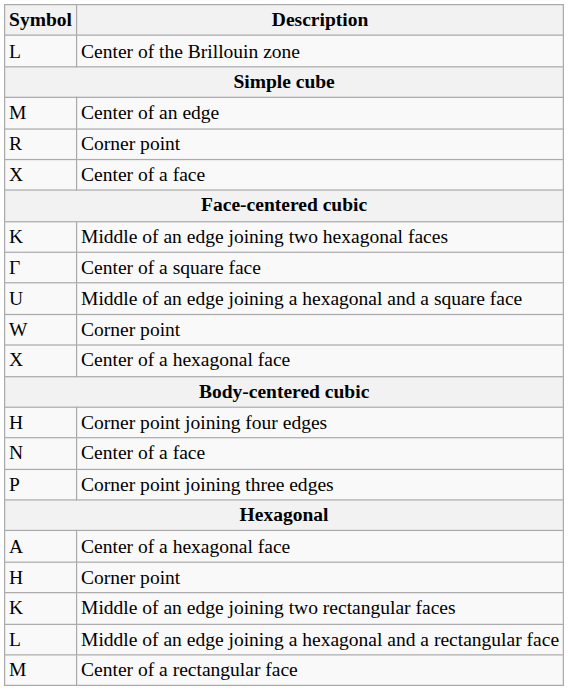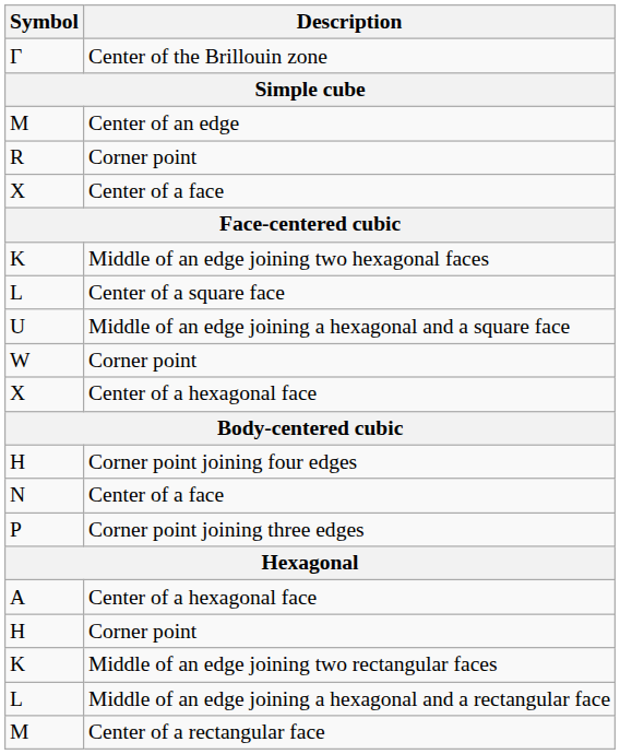 <table class="wikitable">
 <tr>
 <th>Symbol</th>
 <th>Description</th>
 </tr>
 <tr>
-<td>L</td>
+<td>Γ</td>
 <td>Center of the Brillouin zone</td>
 </tr>
 <tr>
 <th colspan="2">Simple cube</th>
 </tr>
 <tr>
 <td>M</td>
 <td>Center of an edge</td>
 </tr>
 <tr>
 <td>R</td>
 <td>Corner point</td>
 </tr>
 <tr>
 <td>X</td>
 <td>Center of a face</td>
 </tr>
 <tr>
 <th colspan="2">Face-centered cubic</th>
 </tr>
 <tr>
 <td>K</td>
 <td>Middle of an edge joining two hexagonal faces</td>
 </tr>
 <tr>
-<td>Γ</td>
+<td>L</td>
 <td>Center of a square face</td>
 </tr>
 <tr>
 <td>U</td>
 <td>Middle of an edge joining a hexagonal and a square face</td>
 </tr>
 <tr>
 <td>W</td>
 <td>Corner point</td>
 </tr>
 <tr>
 <td>X</td>
 <td>Center of a hexagonal face</td>
 </tr>
 <tr>
 <th colspan="2">Body-centered cubic</th>
 </tr>
 <tr>
 <td>H</td>
 <td>Corner point joining four edges</td>
 </tr>
 <tr>
 <td>N</td>
 <td>Center of a face</td>
 </tr>
 <tr>
 <td>P</td>
 <td>Corner point joining three edges</td>
 </tr>
 <tr>
 <th colspan="2">Hexagonal</th>
 </tr>
 <tr>
 <td>A</td>
 <td>Center of a hexagonal face</td>
 </tr>
 <tr>
 <td>H</td>
 <td>Corner point</td>
 </tr>
 <tr>
 <td>K</td>
 <td>Middle of an edge joining two rectangular faces</td>
 </tr>
 <tr>
 <td>L</td>
 <td>Middle of an edge joining a hexagonal and a rectangular face</td>
 </tr>
 <tr>
 <td>M</td>
 <td>Center of a rectangular face</td>
 </tr>
 </table>
